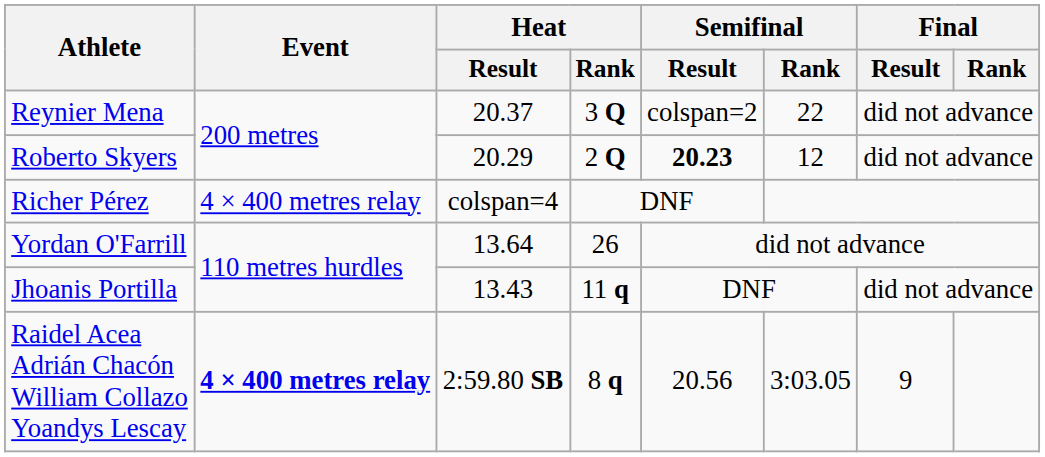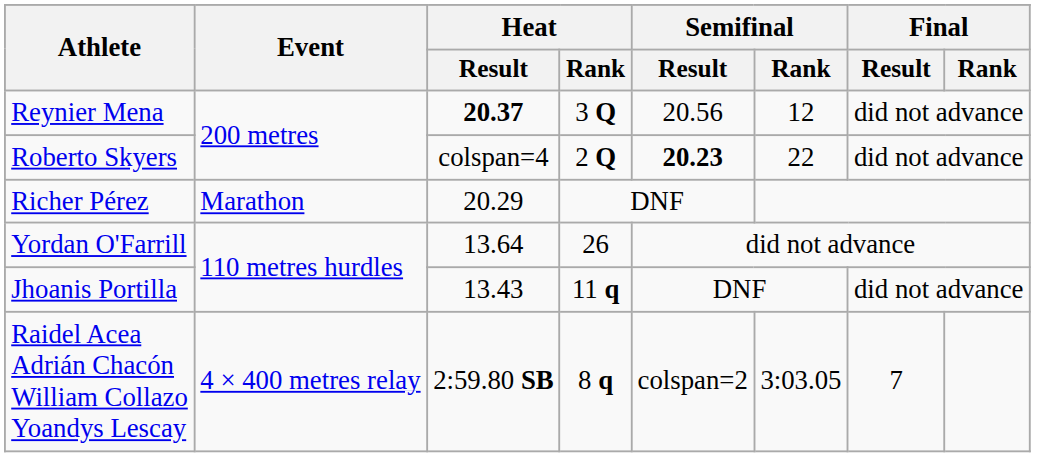 <table class="wikitable" style="font-size:90%">
 <tr>
 <th rowspan="2">Athlete</th>
 <th rowspan="2">Event</th>
 <th colspan="2">Heat</th>
 <th colspan="2">Semifinal</th>
 <th colspan="2">Final</th>
 </tr>
 <tr style="font-size:95%">
 <th>Result</th>
 <th>Rank</th>
 <th>Result</th>
 <th>Rank</th>
 <th>Result</th>
 <th>Rank</th>
 </tr>
 <tr style=text-align:center>
 <td style=text-align:left><a href='#'>Reynier Mena</a></td>
 <td style=text-align:left rowspan=2><a href='#'>200 metres</a></td>
-<td>20.37</td>
+<td><strong>20.37</strong></td>
 <td>3 <strong>Q</strong></td>
-<td>colspan=2 </td>
+<td>20.56</td>
+<td>12</td>
+<td colspan=2>did not advance</td>
+</tr>
+<tr style=text-align:center>
+<td style=text-align:left><a href='#'>Roberto Skyers</a></td>
+<td>colspan=4 </td>
+<td>2 <strong>Q</strong></td>
+<td><strong>20.23</strong></td>
 <td>22</td>
 <td colspan=2>did not advance</td>
 </tr>
 <tr style=text-align:center>
-<td style=text-align:left><a href='#'>Roberto Skyers</a></td>
+<td style=text-align:left><a href='#'>Richer Pérez</a></td>
+<td style=text-align:left><a href='#'>Marathon</a></td>
 <td>20.29</td>
-<td>2 <strong>Q</strong></td>
-<td><strong>20.23</strong></td>
-<td>12</td>
-<td colspan=2>did not advance</td>
-</tr>
-<tr style=text-align:center>
-<td style=text-align:left><a href='#'>Richer Pérez</a></td>
-<td style=text-align:left><a href='#'>4 × 400 metres relay</a></td>
-<td>colspan=4 </td>
 <td colspan=2>DNF</td>
 </tr>
 <tr style=text-align:center>
 <td style=text-align:left><a href='#'>Yordan O'Farrill</a></td>
 <td style=text-align:left rowspan=2><a href='#'>110 metres hurdles</a></td>
 <td>13.64</td>
 <td>26</td>
 <td colspan=4>did not advance</td>
 </tr>
 <tr style=text-align:center>
 <td style=text-align:left><a href='#'>Jhoanis Portilla</a></td>
 <td>13.43</td>
 <td>11 <strong>q</strong></td>
 <td colspan=2>DNF</td>
 <td colspan=2>did not advance</td>
 </tr>
 <tr style=text-align:center>
 <td style=text-align:left><a href='#'>Raidel Acea</a><br><a href='#'>Adrián Chacón</a><br><a href='#'>William Collazo</a><br><a href='#'>Yoandys Lescay</a></td>
-<td style=text-align:left><strong><a href='#'>4 × 400 metres relay</a></strong></td>
+<td style=text-align:left><a href='#'>4 × 400 metres relay</a></td>
 <td>2:59.80 <strong>SB</strong></td>
 <td>8 <strong>q</strong></td>
-<td>20.56</td>
+<td>colspan=2 </td>
 <td>3:03.05</td>
-<td>9</td>
+<td>7</td>
 </tr>
 </table>
